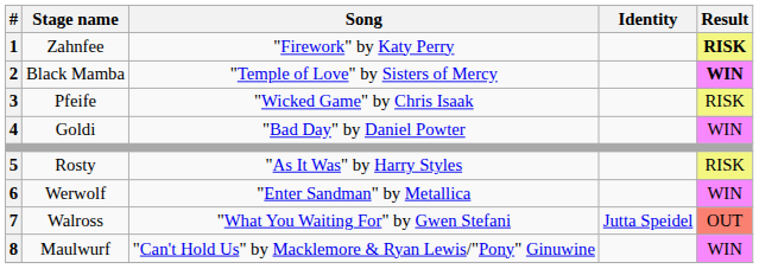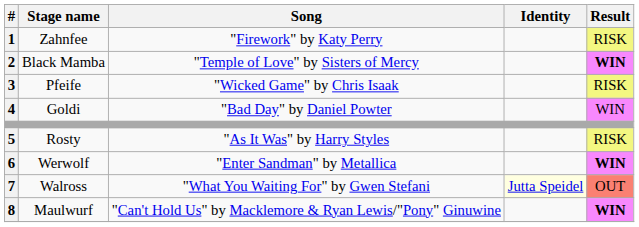 <table class="wikitable plainrowheaders" style="text-align: center;">
 <tr>
 <th>#</th>
 <th>Stage name</th>
 <th>Song</th>
 <th>Identity</th>
 <th>Result</th>
 </tr>
 <tr>
 <th>1</th>
 <td>Zahnfee</td>
 <td>"<a href='#'>Firework</a>" by <a href='#'>Katy Perry</a></td>
 <td></td>
-<td bgcolor="F3F781"><strong>RISK</strong></td>
+<td bgcolor="F3F781">RISK</td>
 </tr>
 <tr>
 <th>2</th>
 <td>Black Mamba</td>
 <td>"<a href='#'>Temple of Love</a>" by <a href='#'>Sisters of Mercy</a></td>
 <td></td>
 <td bgcolor="F888FD"><strong>WIN</strong></td>
 </tr>
 <tr>
 <th>3</th>
 <td>Pfeife</td>
 <td>"<a href='#'>Wicked Game</a>" by <a href='#'>Chris Isaak</a></td>
 <td></td>
 <td bgcolor="F3F781">RISK</td>
 </tr>
 <tr>
 <th>4</th>
 <td>Goldi</td>
 <td>"<a href='#'>Bad Day</a>" by <a href='#'>Daniel Powter</a></td>
 <td></td>
 <td bgcolor="F888FD">WIN</td>
 </tr>
 <tr>
 <td colspan="5" style="background:darkgray"></td>
 </tr>
 <tr>
 <th>5</th>
 <td>Rosty</td>
 <td>"<a href='#'>As It Was</a>" by <a href='#'>Harry Styles</a></td>
 <td></td>
 <td bgcolor="F3F781">RISK</td>
 </tr>
 <tr>
 <th>6</th>
 <td>Werwolf</td>
 <td>"<a href='#'>Enter Sandman</a>" by <a href='#'>Metallica</a></td>
 <td></td>
-<td bgcolor="F888FD">WIN</td>
+<td bgcolor="F888FD"><strong>WIN</strong></td>
 </tr>
 <tr>
 <th>7</th>
 <td>Walross</td>
 <td>"<a href='#'>What You Waiting For</a>" by <a href='#'>Gwen Stefani</a></td>
-<td><a href='#'>Jutta Speidel</a></td>
+<td style="background: lightyellow;"><a href='#'>Jutta Speidel</a></td>
 <td bgcolor=salmon>OUT</td>
 </tr>
 <tr>
 <th>8</th>
 <td>Maulwurf</td>
 <td>"<a href='#'>Can't Hold Us</a>" by <a href='#'>Macklemore & Ryan Lewis</a>/"<a href='#'>Pony</a>"  <a href='#'>Ginuwine</a></td>
 <td></td>
-<td bgcolor="F888FD">WIN</td>
+<td bgcolor="F888FD"><strong>WIN</strong></td>
 </tr>
 <tr>
 </tr>
 </table>
